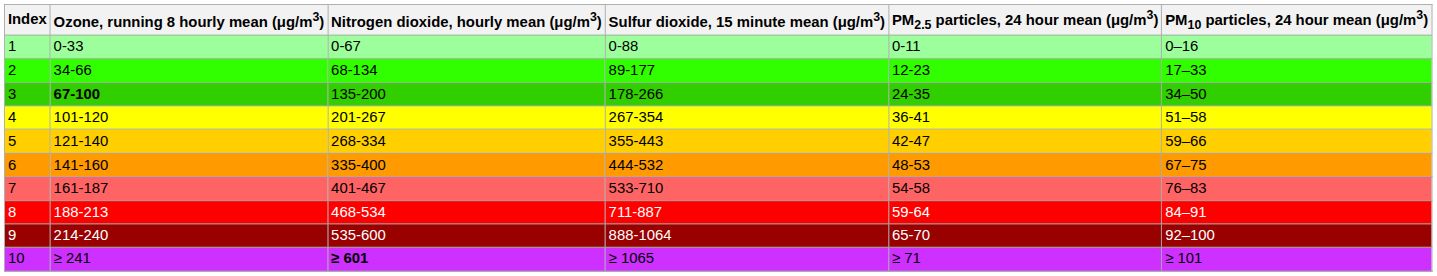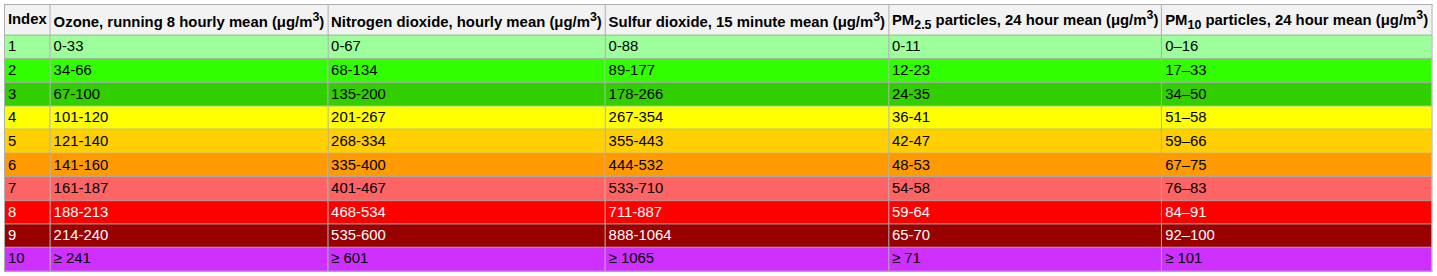 <table class="wikitable">
 <tr>
 <th>Index</th>
 <th>Ozone, running 8 hourly mean (μg/m<sup>3</sup>)</th>
 <th>Nitrogen dioxide, hourly mean (μg/m<sup>3</sup>)</th>
 <th>Sulfur dioxide, 15 minute mean (μg/m<sup>3</sup>)</th>
 <th>PM<sub>2.5</sub> particles, 24 hour mean (μg/m<sup>3</sup>)</th>
 <th>PM<sub>10</sub> particles, 24 hour mean (μg/m<sup>3</sup>)</th>
 </tr>
 <tr style="background-color:#9cff9c;color:#000;">
 <td>1</td>
 <td>0-33</td>
 <td>0-67</td>
 <td>0-88</td>
 <td>0-11</td>
 <td>0–16</td>
 </tr>
 <tr style="background-color:#31ff00;color:#000;">
 <td>2</td>
 <td>34-66</td>
 <td>68-134</td>
 <td>89-177</td>
 <td>12-23</td>
 <td>17–33</td>
 </tr>
 <tr style="background-color:#31cf00;color:#000;">
 <td>3</td>
-<td><strong>67-100</strong></td>
+<td>67-100</td>
 <td>135-200</td>
 <td>178-266</td>
 <td>24-35</td>
 <td>34–50</td>
 </tr>
 <tr style="background-color:#ffff00;color:#000;">
 <td>4</td>
 <td>101-120</td>
 <td>201-267</td>
 <td>267-354</td>
 <td>36-41</td>
 <td>51–58</td>
 </tr>
 <tr style="background-color:#ffcf00;color:#000;">
 <td>5</td>
 <td>121-140</td>
 <td>268-334</td>
 <td>355-443</td>
 <td>42-47</td>
 <td>59–66</td>
 </tr>
 <tr style="background-color:#ff9a00;color:#000;">
 <td>6</td>
 <td>141-160</td>
 <td>335-400</td>
 <td>444-532</td>
 <td>48-53</td>
 <td>67–75</td>
 </tr>
 <tr style="background-color:#ff6464;color:#000;">
 <td>7</td>
 <td>161-187</td>
 <td>401-467</td>
 <td>533-710</td>
 <td>54-58</td>
 <td>76–83</td>
 </tr>
 <tr style="background-color:#ff0000;color:#fff;">
 <td>8</td>
 <td>188-213</td>
 <td>468-534</td>
 <td>711-887</td>
 <td>59-64</td>
 <td>84–91</td>
 </tr>
 <tr style="background-color:#990000;color:#fff;">
 <td>9</td>
 <td>214-240</td>
 <td>535-600</td>
 <td>888-1064</td>
 <td>65-70</td>
 <td>92–100</td>
 </tr>
 <tr style="background-color:#ce30ff;color:#000;">
 <td>10</td>
 <td>≥ 241</td>
-<td><strong>≥ 601</strong></td>
+<td>≥ 601</td>
 <td>≥ 1065</td>
 <td>≥ 71</td>
 <td>≥ 101</td>
 </tr>
 <tr>
 </tr>
 </table>
